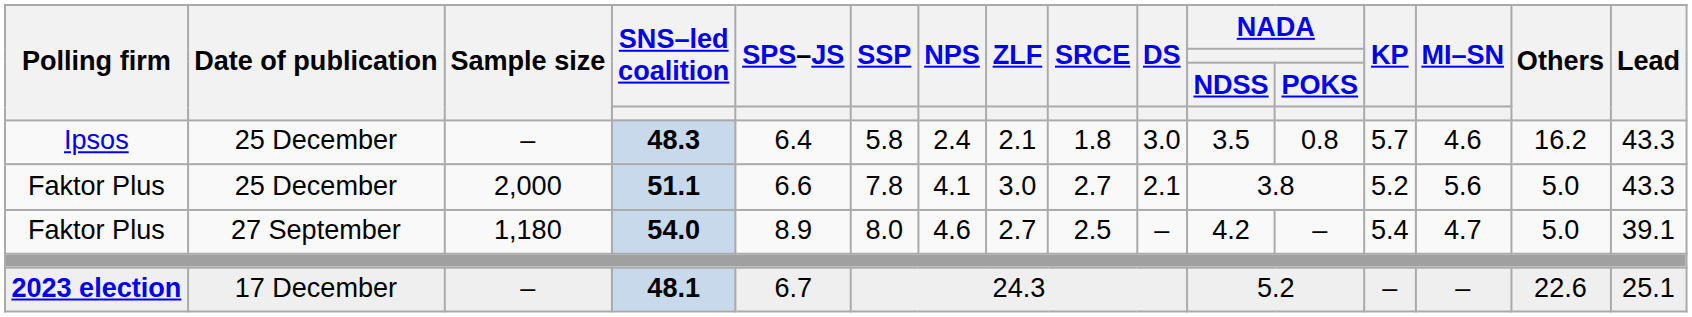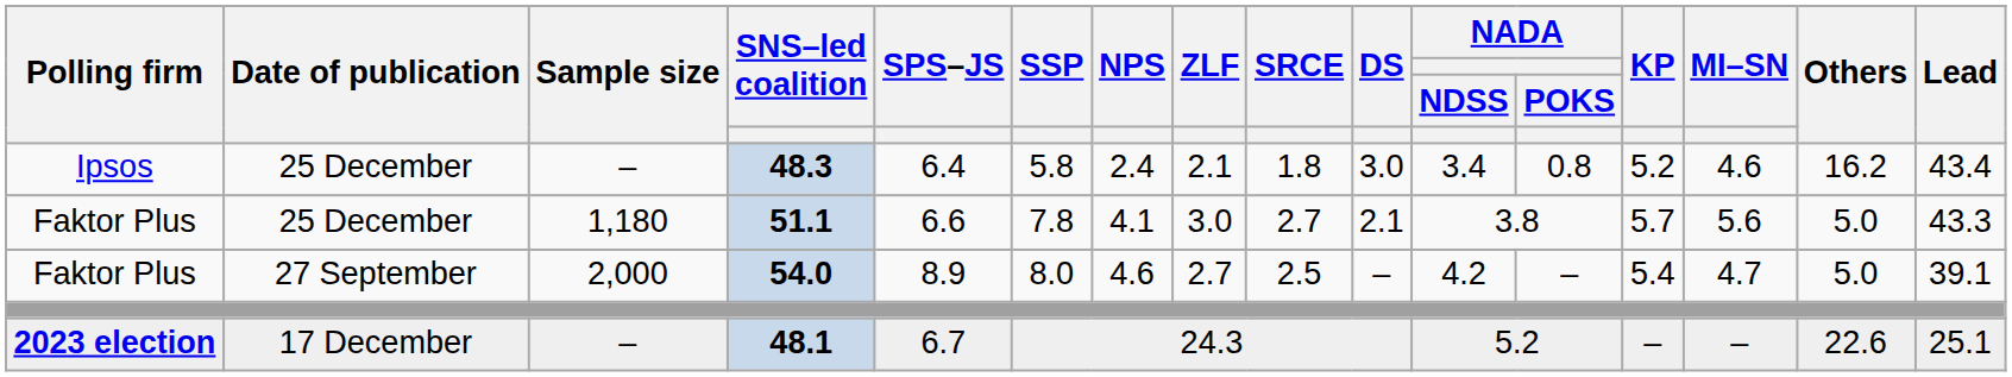 <table class="wikitable" style="text-align:center; font-size:85%; line-height:16px; margin-bottom:0">
 <tr>
 <th rowspan="4">Polling firm</th>
 <th rowspan="4">Date of publication</th>
 <th rowspan="4">Sample size</th>
 <th rowspan="3"><a href='#'>SNS–led<br>coalition</a></th>
 <th rowspan="3"><a href='#'>SPS</a>–<a href='#'>JS</a></th>
 <th rowspan="3"><a href='#'>SSP</a></th>
 <th rowspan="3"><a href='#'>NPS</a></th>
 <th rowspan="3"><a href='#'>ZLF</a></th>
 <th rowspan="3"><a href='#'>SRCE</a></th>
 <th rowspan="3"><a href='#'>DS</a></th>
 <th colspan="2"><a href='#'>NADA</a></th>
 <th rowspan="3"><a href='#'>KP</a></th>
 <th rowspan="3"><a href='#'>MI–SN</a></th>
 <th rowspan="4">Others</th>
 <th rowspan="4">Lead</th>
 </tr>
 <tr>
 <th colspan="2" style="background:"></th>
 </tr>
 <tr>
 <th><a href='#'>NDSS</a></th>
 <th><a href='#'>POKS</a></th>
 </tr>
 <tr>
 <th style="background:"></th>
 <th style="background:"></th>
 <th style="background:"></th>
 <th style="background:"></th>
 <th style="background:"></th>
 <th style="background:"></th>
 <th style="background:"></th>
 <th style="background:"></th>
 <th style="background:"></th>
 <th style="background:"></th>
 <th style="background:"></th>
 </tr>
 <tr>
 <td><a href='#'>Ipsos</a></td>
 <td>25 December</td>
 <td>–</td>
 <td style="background:#C8D9EC"><strong>48.3</strong></td>
 <td>6.4</td>
 <td>5.8</td>
 <td>2.4</td>
 <td>2.1</td>
 <td>1.8</td>
 <td>3.0</td>
-<td>3.5</td>
+<td>3.4</td>
 <td>0.8</td>
-<td>5.7</td>
+<td>5.2</td>
 <td>4.6</td>
 <td>16.2</td>
-<td style="background:">43.3</td>
+<td style="background:">43.4</td>
 </tr>
 <tr>
 <td>Faktor Plus</td>
 <td>25 December</td>
-<td>2,000</td>
+<td>1,180</td>
 <td style="background:#C8D9EC"><strong>51.1</strong> </td>
 <td>6.6</td>
 <td>7.8</td>
 <td>4.1</td>
 <td>3.0</td>
 <td>2.7</td>
 <td>2.1</td>
 <td colspan="2">3.8</td>
-<td>5.2</td>
+<td>5.7</td>
 <td>5.6</td>
 <td>5.0</td>
 <td style="background:">43.3</td>
 </tr>
 <tr>
 <td>Faktor Plus</td>
 <td>27 September</td>
-<td>1,180</td>
+<td>2,000</td>
 <td style="background:#C8D9EC"><strong>54.0</strong> </td>
 <td>8.9</td>
 <td>8.0</td>
 <td>4.6</td>
 <td>2.7</td>
 <td>2.5</td>
 <td>–</td>
 <td>4.2</td>
 <td>–</td>
 <td>5.4</td>
 <td>4.7</td>
 <td>5.0</td>
 <td style="background:">39.1</td>
 </tr>
 <tr>
 <td colspan="16" style="background:#A0A0A0"></td>
 </tr>
 <tr style="background:#EFEFEF">
 <td><strong><a href='#'>2023 election</a></strong></td>
 <td>17 December</td>
 <td>–</td>
 <td style="background:#C8D9EC"><strong>48.1</strong></td>
 <td>6.7</td>
 <td colspan="5">24.3</td>
 <td colspan="2">5.2</td>
 <td>–</td>
 <td>–</td>
 <td>22.6</td>
 <td style="background:">25.1</td>
 </tr>
 </table>
